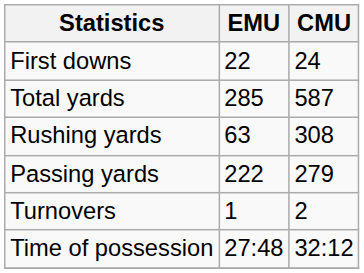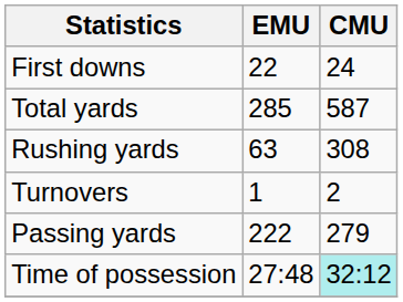 <table class="wikitable">
 <tr>
 <th>Statistics</th>
 <th>EMU</th>
 <th>CMU</th>
 </tr>
 <tr>
 <td>First downs</td>
 <td>22</td>
 <td>24</td>
 </tr>
 <tr>
 <td>Total yards</td>
 <td>285</td>
 <td>587</td>
 </tr>
 <tr>
 <td>Rushing yards</td>
 <td>63</td>
 <td>308</td>
 </tr>
 <tr>
+<td>Turnovers</td>
+<td>1</td>
+<td>2</td>
+</tr>
+<tr>
 <td>Passing yards</td>
 <td>222</td>
 <td>279</td>
 </tr>
 <tr>
-<td>Turnovers</td>
-<td>1</td>
-<td>2</td>
-</tr>
-<tr>
 <td>Time of possession</td>
 <td>27:48</td>
-<td>32:12</td>
+<td style="background: paleturquoise;">32:12</td>
 </tr>
 <tr>
 </tr>
 </table>
